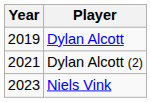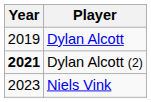 <table class="wikitable sortable" style="text-align:center;">
 <tr>
 <th>Year</th>
 <th>Player</th>
 </tr>
 <tr>
 <td>2019</td>
 <td style="text-align:left;"> <a href='#'>Dylan Alcott</a></td>
 </tr>
 <tr>
-<td>2021</td>
+<td><strong>2021</strong></td>
 <td style="text-align:left;"> Dylan Alcott <small>(2)</small></td>
 </tr>
 <tr>
 <td>2023</td>
 <td style="text-align:left;"> <a href='#'>Niels Vink</a></td>
 </tr>
 </table>
